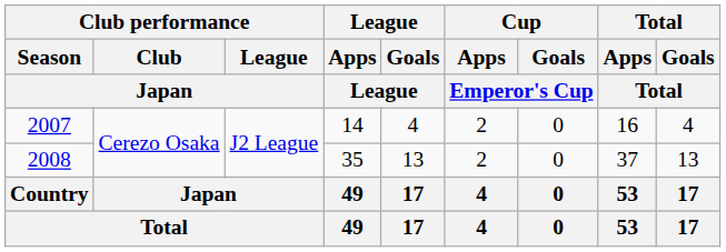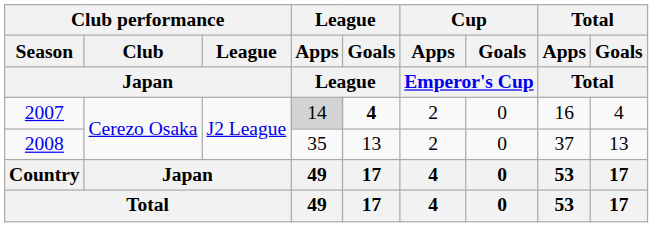 <table class="wikitable" style="text-align:center;">
 <tr>
 <th colspan=3>Club performance</th>
 <th colspan=2>League</th>
 <th colspan=2>Cup</th>
 <th colspan=2>Total</th>
 </tr>
 <tr>
 <th>Season</th>
 <th>Club</th>
 <th>League</th>
 <th>Apps</th>
 <th>Goals</th>
 <th>Apps</th>
 <th>Goals</th>
 <th>Apps</th>
 <th>Goals</th>
 </tr>
 <tr>
 <th colspan=3>Japan</th>
 <th colspan=2>League</th>
 <th colspan=2><a href='#'>Emperor's Cup</a></th>
 <th colspan=2>Total</th>
 </tr>
 <tr>
 <td><a href='#'>2007</a></td>
 <td rowspan="2"><a href='#'>Cerezo Osaka</a></td>
 <td rowspan="2"><a href='#'>J2 League</a></td>
-<td>14</td>
-<td>4</td>
+<td style="background: lightgrey;">14</td>
+<td><strong>4</strong></td>
 <td>2</td>
 <td>0</td>
 <td>16</td>
 <td>4</td>
 </tr>
 <tr>
 <td><a href='#'>2008</a></td>
 <td>35</td>
 <td>13</td>
 <td>2</td>
 <td>0</td>
 <td>37</td>
 <td>13</td>
 </tr>
 <tr>
 <th rowspan=1>Country</th>
 <th colspan=2>Japan</th>
 <th>49</th>
 <th>17</th>
 <th>4</th>
 <th>0</th>
 <th>53</th>
 <th>17</th>
 </tr>
 <tr>
 <th colspan=3>Total</th>
 <th>49</th>
 <th>17</th>
 <th>4</th>
 <th>0</th>
 <th>53</th>
 <th>17</th>
 </tr>
 </table>
